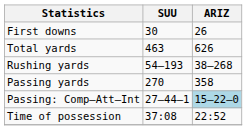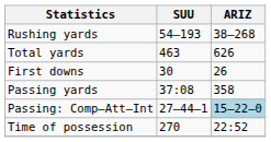 <table class="wikitable" style="float: left;">
 <tr>
 <th>Statistics</th>
 <th>SUU</th>
 <th>ARIZ</th>
 </tr>
 <tr>
-<td>First downs</td>
-<td>30</td>
-<td>26</td>
+<td>Rushing yards</td>
+<td>54–193</td>
+<td>38–268</td>
 </tr>
 <tr>
 <td>Total yards</td>
 <td>463</td>
 <td>626</td>
 </tr>
 <tr>
-<td>Rushing yards</td>
-<td>54–193</td>
-<td>38–268</td>
+<td>First downs</td>
+<td>30</td>
+<td>26</td>
 </tr>
 <tr>
 <td>Passing yards</td>
-<td>270</td>
+<td>37:08</td>
 <td>358</td>
 </tr>
 <tr>
 <td>Passing: Comp–Att–Int</td>
 <td>27–44–1</td>
 <td style="background: lightblue;">15–22–0</td>
 </tr>
 <tr>
 <td>Time of possession</td>
-<td>37:08</td>
+<td>270</td>
 <td>22:52</td>
 </tr>
 <tr>
 </tr>
 </table>
